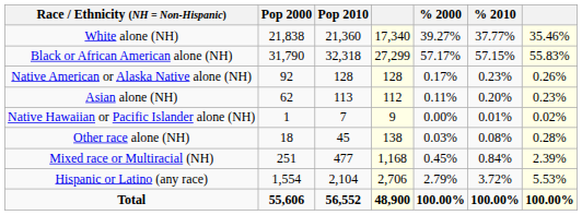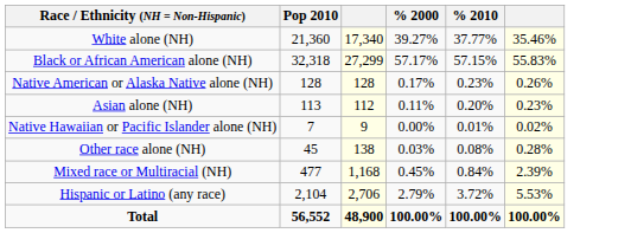 <table class="wikitable" style="text-align:center;">
 <tr>
 <th>Race / Ethnicity <small>(<em>NH = Non-Hispanic</em>)</small></th>
-<th>Pop 2000</th>
 <th>Pop 2010</th>
 <th></th>
 <th>% 2000</th>
 <th>% 2010</th>
 <th></th>
 </tr>
 <tr>
 <td><a href='#'>White</a> alone (NH)</td>
-<td>21,838</td>
 <td>21,360</td>
 <td style='background: #ffffe6;'>17,340</td>
 <td>39.27%</td>
 <td>37.77%</td>
 <td style='background: #ffffe6;'>35.46%</td>
 </tr>
 <tr>
 <td><a href='#'>Black or African American</a> alone (NH)</td>
-<td>31,790</td>
 <td>32,318</td>
 <td style='background: #ffffe6;'>27,299</td>
 <td>57.17%</td>
 <td>57.15%</td>
 <td style='background: #ffffe6;'>55.83%</td>
 </tr>
 <tr>
 <td><a href='#'>Native American</a> or <a href='#'>Alaska Native</a> alone (NH)</td>
-<td>92</td>
 <td>128</td>
 <td style='background: #ffffe6;'>128</td>
 <td>0.17%</td>
 <td>0.23%</td>
 <td style='background: #ffffe6;'>0.26%</td>
 </tr>
 <tr>
 <td><a href='#'>Asian</a> alone (NH)</td>
-<td>62</td>
 <td>113</td>
 <td style='background: #ffffe6;'>112</td>
 <td>0.11%</td>
 <td>0.20%</td>
 <td style='background: #ffffe6;'>0.23%</td>
 </tr>
 <tr>
 <td><a href='#'>Native Hawaiian</a> or <a href='#'>Pacific Islander</a> alone (NH)</td>
-<td>1</td>
 <td>7</td>
 <td style='background: #ffffe6;'>9</td>
 <td>0.00%</td>
 <td>0.01%</td>
 <td style='background: #ffffe6;'>0.02%</td>
 </tr>
 <tr>
 <td><a href='#'>Other race</a> alone (NH)</td>
-<td>18</td>
 <td>45</td>
 <td style='background: #ffffe6;'>138</td>
 <td>0.03%</td>
 <td>0.08%</td>
 <td style='background: #ffffe6;'>0.28%</td>
 </tr>
 <tr>
 <td><a href='#'>Mixed race or Multiracial</a> (NH)</td>
-<td>251</td>
 <td>477</td>
 <td style='background: #ffffe6;'>1,168</td>
 <td>0.45%</td>
 <td>0.84%</td>
 <td style='background: #ffffe6;'>2.39%</td>
 </tr>
 <tr>
 <td><a href='#'>Hispanic or Latino</a> (any race)</td>
-<td>1,554</td>
 <td>2,104</td>
 <td style='background: #ffffe6;'>2,706</td>
 <td>2.79%</td>
 <td>3.72%</td>
 <td style='background: #ffffe6;'>5.53%</td>
 </tr>
 <tr>
 <td><strong>Total</strong></td>
-<td><strong>55,606</strong></td>
 <td><strong>56,552</strong></td>
 <td style='background: #ffffe6;'><strong>48,900</strong></td>
 <td><strong>100.00%</strong></td>
 <td><strong>100.00%</strong></td>
 <td style='background: #ffffe6;'><strong>100.00%</strong></td>
 </tr>
 </table>
